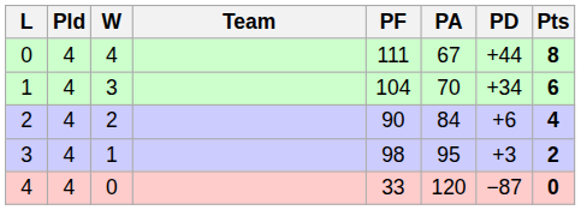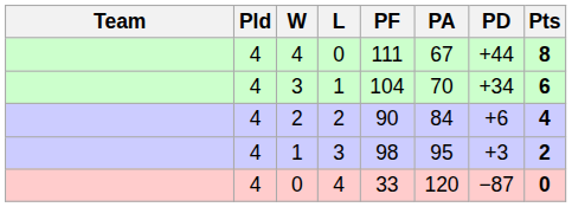 <table class=wikitable style="text-align:center">
 <tr>
-<th width=25>L</th>
+<th width=170>Team</th>
 <th width=25>Pld</th>
 <th width=25>W</th>
-<th width=170>Team</th>
+<th width=25>L</th>
 <th width=35>PF</th>
 <th width=35>PA</th>
 <th width=35>PD</th>
 <th width=25>Pts</th>
 </tr>
 <tr bgcolor=ccffcc>
-<td>0</td>
+<td style="text-align:left"></td>
 <td>4</td>
 <td>4</td>
-<td style="text-align:left"></td>
+<td>0</td>
 <td>111</td>
 <td>67</td>
 <td>+44</td>
 <td><strong>8</strong></td>
 </tr>
 <tr bgcolor=ccffcc>
-<td>1</td>
+<td style="text-align:left"></td>
 <td>4</td>
 <td>3</td>
-<td style="text-align:left"></td>
+<td>1</td>
 <td>104</td>
 <td>70</td>
 <td>+34</td>
 <td><strong>6</strong></td>
 </tr>
 <tr bgcolor=ccccff>
-<td>2</td>
+<td style="text-align:left"></td>
 <td>4</td>
 <td>2</td>
-<td style="text-align:left"></td>
+<td>2</td>
 <td>90</td>
 <td>84</td>
 <td>+6</td>
 <td><strong>4</strong></td>
 </tr>
 <tr bgcolor=ccccff>
-<td>3</td>
+<td style="text-align:left"></td>
 <td>4</td>
 <td>1</td>
-<td style="text-align:left"></td>
+<td>3</td>
 <td>98</td>
 <td>95</td>
 <td>+3</td>
 <td><strong>2</strong></td>
 </tr>
 <tr bgcolor=ffcccc>
-<td>4</td>
+<td style="text-align:left"></td>
 <td>4</td>
 <td>0</td>
-<td style="text-align:left"></td>
+<td>4</td>
 <td>33</td>
 <td>120</td>
 <td>−87</td>
 <td><strong>0</strong></td>
 </tr>
 </table>
